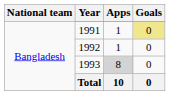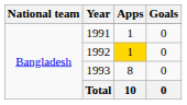 <table class="wikitable" style="text-align: center;">
 <tr>
 <th>National team</th>
 <th>Year</th>
 <th>Apps</th>
 <th>Goals</th>
 </tr>
 <tr>
 <td rowspan="5"><a href='#'>Bangladesh</a></td>
 </tr>
 <tr>
 <td>1991</td>
 <td>1</td>
-<td style="background: khaki;">0</td>
+<td>0</td>
 </tr>
 <tr>
 <td>1992</td>
-<td>1</td>
+<td style="background: gold;">1</td>
 <td>0</td>
 </tr>
 <tr>
 <td>1993</td>
-<td style="background: lightgrey;">8</td>
+<td>8</td>
 <td>0</td>
 </tr>
 <tr>
 <th>Total</th>
 <th>10</th>
 <th>0</th>
 </tr>
 </table>
